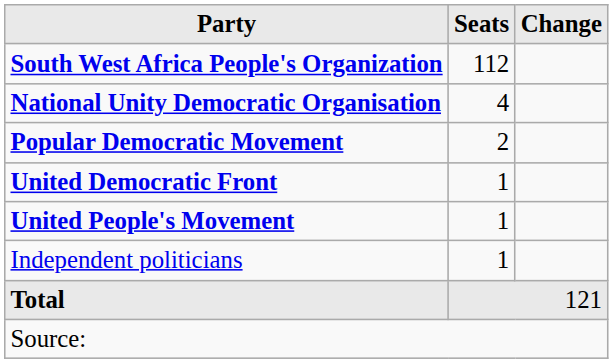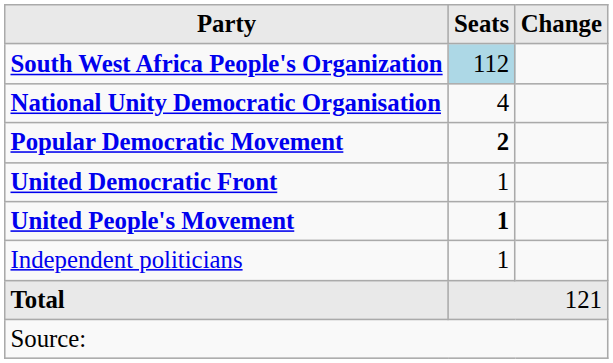 <table class="wikitable">
 <tr>
 <th style="background-color:#E9E9E9">Party</th>
 <th style="background-color:#E9E9E9">Seats</th>
 <th style="background-color:#E9E9E9">Change</th>
 </tr>
 <tr>
 <td><strong><a href='#'>South West Africa People's Organization</a></strong></td>
-<td align="right">112</td>
+<td align="right" style="background: lightblue;">112</td>
 <td></td>
 </tr>
 <tr>
 <td><strong><a href='#'>National Unity Democratic Organisation</a></strong></td>
 <td align="right">4</td>
 <td></td>
 </tr>
 <tr>
 <td><strong><a href='#'>Popular Democratic Movement</a></strong></td>
-<td align="right">2</td>
+<td align="right"><strong>2</strong></td>
 <td></td>
 </tr>
 <tr>
 <td><strong><a href='#'>United Democratic Front</a></strong></td>
 <td align="right">1</td>
 <td></td>
 </tr>
 <tr>
 <td><strong><a href='#'>United People's Movement</a></strong></td>
-<td align="right">1</td>
+<td align="right"><strong>1</strong></td>
 <td></td>
 </tr>
 <tr>
 <td><a href='#'>Independent politicians</a></td>
 <td align="right">1</td>
 <td></td>
 </tr>
 <tr>
 <td style="background-color:#E9E9E9"><strong>Total</strong></td>
 <td align="right" style="background-color:#E9E9E9" colspan="2">121</td>
 </tr>
 <tr>
 <td align=left colspan=3>Source:</td>
 </tr>
 </table>
